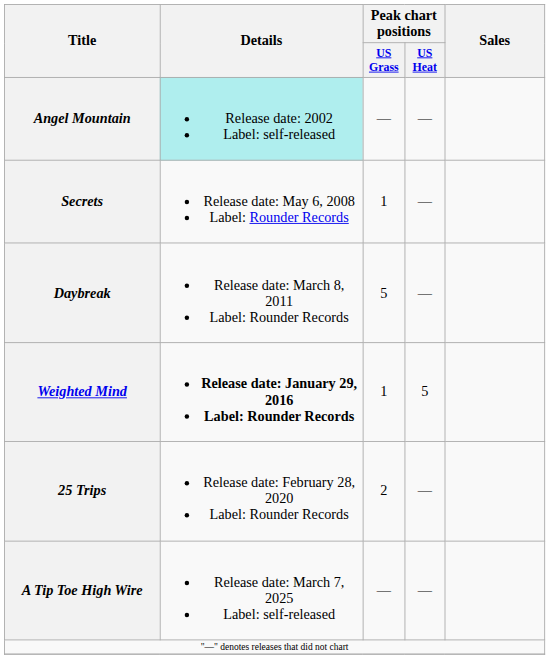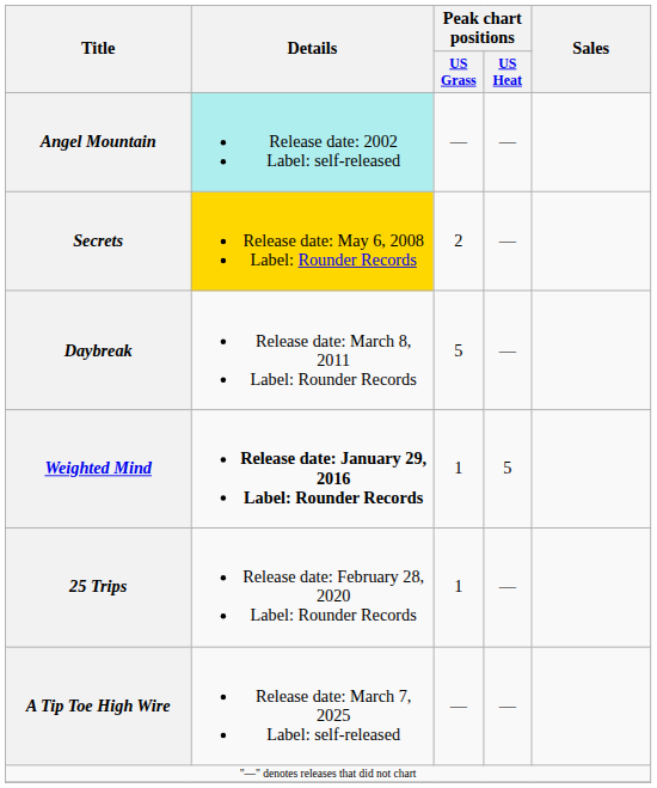 <table class="wikitable plainrowheaders" style="text-align:center;">
 <tr>
 <th rowspan="2" style="width:14em;">Title</th>
 <th rowspan="2" style="width:18em;">Details</th>
 <th colspan="2">Peak chart<br>positions</th>
 <th rowspan="2" style="width:9em;">Sales</th>
 </tr>
 <tr style="font-size:smaller;">
 <th width="45"><a href='#'>US Grass</a><br></th>
 <th width="45"><a href='#'>US Heat</a><br></th>
 </tr>
 <tr>
 <th scope="row"><em>Angel Mountain</em></th>
 <td style="background: paleturquoise;"><br><ul><li>Release date: 2002</li><li>Label: self-released</li></ul></td>
 <td>—</td>
 <td>—</td>
 <td></td>
 </tr>
 <tr>
 <th scope="row"><em>Secrets</em></th>
-<td><br><ul><li>Release date: May 6, 2008</li><li>Label: <a href='#'>Rounder Records</a></li></ul></td>
-<td>1</td>
+<td style="background: gold;"><br><ul><li>Release date: May 6, 2008</li><li>Label: <a href='#'>Rounder Records</a></li></ul></td>
+<td>2</td>
 <td>—</td>
 <td></td>
 </tr>
 <tr>
 <th scope="row"><em>Daybreak</em></th>
 <td><br><ul><li>Release date: March 8, 2011</li><li>Label: Rounder Records</li></ul></td>
 <td>5</td>
 <td>—</td>
 <td></td>
 </tr>
 <tr>
 <th scope="row"><em><a href='#'>Weighted Mind</a></em></th>
 <td><strong><br><ul><li>Release date: January 29, 2016</li><li>Label: Rounder Records</li></ul></strong></td>
 <td>1</td>
 <td>5</td>
 <td></td>
 </tr>
 <tr>
 <th scope="row"><em>25 Trips</em></th>
 <td><br><ul><li>Release date: February 28, 2020</li><li>Label: Rounder Records</li></ul></td>
-<td>2</td>
+<td>1</td>
 <td>—</td>
 <td></td>
 </tr>
 <tr>
 <th scope="row"><em>A Tip Toe High Wire</em></th>
 <td><br><ul><li>Release date: March 7, 2025</li><li>Label: self-released</li></ul></td>
 <td>—</td>
 <td>—</td>
 <td></td>
 </tr>
 <tr>
 <td colspan="6" style="font-size:8pt">"—" denotes releases that did not chart</td>
 </tr>
 <tr>
 </tr>
 </table>
